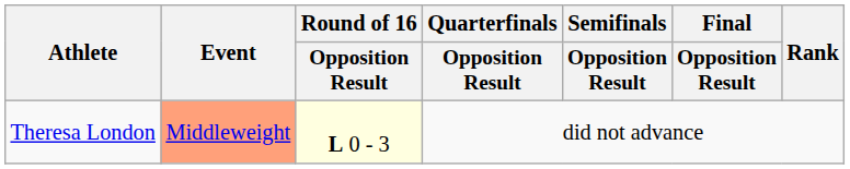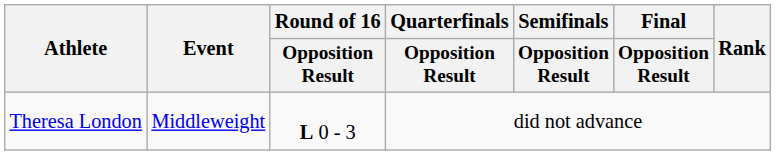 <table class="wikitable" style="font-size:90%;">
 <tr>
 <th rowspan=2>Athlete</th>
 <th rowspan=2>Event</th>
 <th>Round of 16</th>
 <th>Quarterfinals</th>
 <th>Semifinals</th>
 <th>Final</th>
 <th rowspan=2>Rank</th>
 </tr>
 <tr style="font-size:95%">
 <th>Opposition<br>Result</th>
 <th>Opposition<br>Result</th>
 <th>Opposition<br>Result</th>
 <th>Opposition<br>Result</th>
 </tr>
 <tr align=center>
 <td align=left><a href='#'>Theresa London</a></td>
-<td align=left style="background: lightsalmon;"><a href='#'>Middleweight</a></td>
-<td style="background: lightyellow;"><br><strong>L</strong> 0 - 3</td>
+<td align=left><a href='#'>Middleweight</a></td>
+<td><br><strong>L</strong> 0 - 3</td>
 <td colspan=4>did not advance</td>
 </tr>
 </table>
